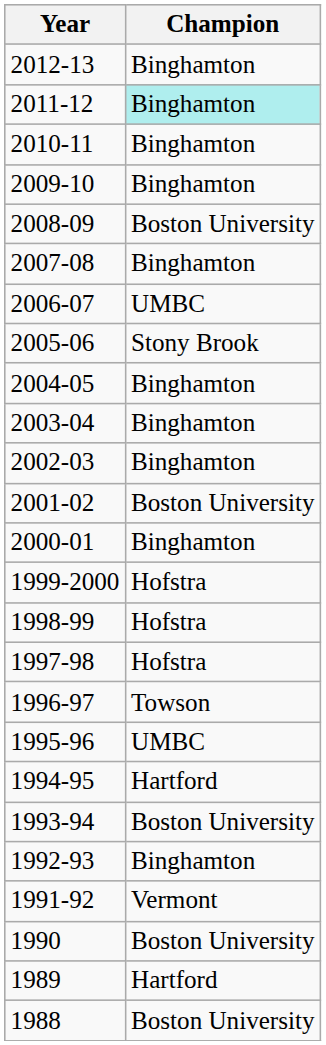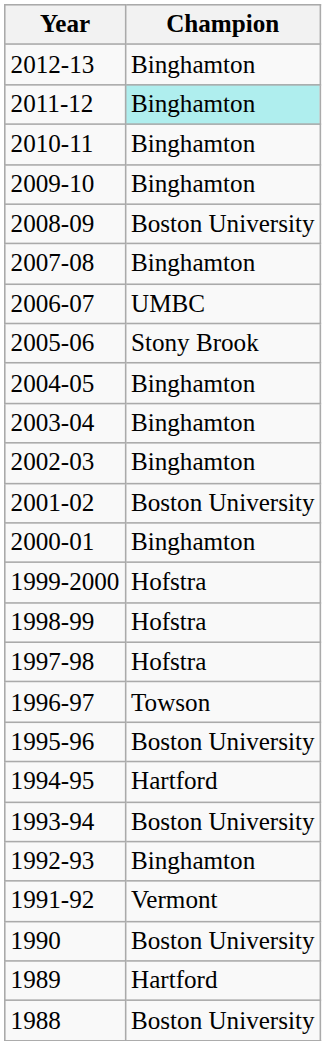 <table class="wikitable sortable">
 <tr>
 <th>Year</th>
 <th>Champion</th>
 </tr>
 <tr>
 <td>2012-13</td>
 <td>Binghamton</td>
 </tr>
 <tr>
 <td>2011-12</td>
 <td style="background: paleturquoise;">Binghamton</td>
 </tr>
 <tr>
 <td>2010-11</td>
 <td>Binghamton</td>
 </tr>
 <tr>
 <td>2009-10</td>
 <td>Binghamton</td>
 </tr>
 <tr>
 <td>2008-09</td>
 <td>Boston University</td>
 </tr>
 <tr>
 <td>2007-08</td>
 <td>Binghamton</td>
 </tr>
 <tr>
 <td>2006-07</td>
 <td>UMBC</td>
 </tr>
 <tr>
 <td>2005-06</td>
 <td>Stony Brook</td>
 </tr>
 <tr>
 <td>2004-05</td>
 <td>Binghamton</td>
 </tr>
 <tr>
 <td>2003-04</td>
 <td>Binghamton</td>
 </tr>
 <tr>
 <td>2002-03</td>
 <td>Binghamton</td>
 </tr>
 <tr>
 <td>2001-02</td>
 <td>Boston University</td>
 </tr>
 <tr>
 <td>2000-01</td>
 <td>Binghamton</td>
 </tr>
 <tr>
 <td>1999-2000</td>
 <td>Hofstra</td>
 </tr>
 <tr>
 <td>1998-99</td>
 <td>Hofstra</td>
 </tr>
 <tr>
 <td>1997-98</td>
 <td>Hofstra</td>
 </tr>
 <tr>
 <td>1996-97</td>
 <td>Towson</td>
 </tr>
 <tr>
 <td>1995-96</td>
-<td>UMBC</td>
+<td>Boston University</td>
 </tr>
 <tr>
 <td>1994-95</td>
 <td>Hartford</td>
 </tr>
 <tr>
 <td>1993-94</td>
 <td>Boston University</td>
 </tr>
 <tr>
 <td>1992-93</td>
 <td>Binghamton</td>
 </tr>
 <tr>
 <td>1991-92</td>
 <td>Vermont</td>
 </tr>
 <tr>
 <td>1990</td>
 <td>Boston University</td>
 </tr>
 <tr>
 <td>1989</td>
 <td>Hartford</td>
 </tr>
 <tr>
 <td>1988</td>
 <td>Boston University</td>
 </tr>
 <tr>
 </tr>
 </table>
